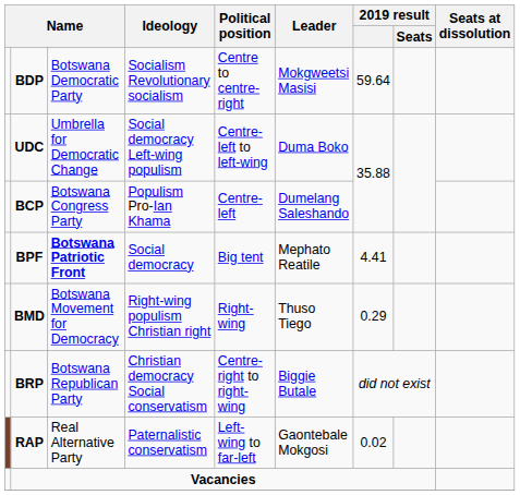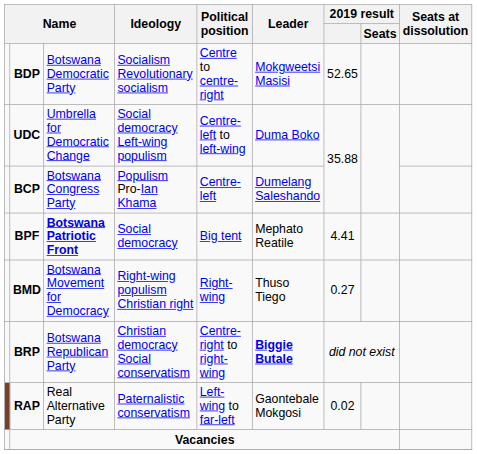 <table class="wikitable">
 <tr>
 <th colspan="4" rowspan="2">Name</th>
 <th rowspan="2">Ideology</th>
 <th rowspan="2">Political position</th>
 <th rowspan="2">Leader</th>
 <th colspan="2">2019 result</th>
 <th rowspan="2">Seats at dissolution</th>
 </tr>
 <tr>
 <th></th>
 <th>Seats</th>
 </tr>
 <tr>
 <td style="background:"></td>
 <td colspan="2" style="text-align:center;"><strong>BDP</strong></td>
 <td><a href='#'>Botswana Democratic Party</a></td>
 <td><a href='#'>Socialism</a><br><a href='#'>Revolutionary socialism</a></td>
 <td><a href='#'>Centre</a> to <a href='#'>centre-right</a></td>
 <td><a href='#'>Mokgweetsi Masisi</a></td>
-<td style="text-align:center;">59.64</td>
+<td style="text-align:center;">52.65</td>
 <td></td>
 <td></td>
 </tr>
 <tr>
 <td style="background:"></td>
 <td colspan="2" style="text-align:center;"><strong>UDC</strong></td>
 <td><a href='#'>Umbrella for Democratic Change</a></td>
 <td><a href='#'>Social democracy</a><br><a href='#'>Left-wing populism</a></td>
 <td><a href='#'>Centre-left</a> to <a href='#'>left-wing</a></td>
 <td><a href='#'>Duma Boko</a></td>
 <td rowspan="2" style="text-align:center;">35.88</td>
 <td rowspan="2"></td>
 <td></td>
 </tr>
 <tr>
 <td style="background:"></td>
 <td colspan="2" style="text-align:center;"><strong>BCP</strong></td>
 <td><a href='#'>Botswana Congress Party</a></td>
 <td><a href='#'>Populism</a><br>Pro-<a href='#'>Ian Khama</a></td>
 <td><a href='#'>Centre-left</a></td>
 <td><a href='#'>Dumelang Saleshando</a></td>
 <td></td>
 </tr>
 <tr>
 <td style="background:"></td>
 <td colspan="2" style="text-align:center;"><strong>BPF</strong></td>
 <td><strong><a href='#'>Botswana Patriotic Front</a></strong></td>
 <td><a href='#'>Social democracy</a></td>
 <td><a href='#'>Big tent</a></td>
 <td>Mephato Reatile</td>
 <td style="text-align:center;">4.41</td>
 <td></td>
 <td></td>
 </tr>
 <tr>
 <td style="background:"></td>
 <td colspan="2" style="text-align:center;"><strong>BMD</strong></td>
 <td><a href='#'>Botswana Movement for Democracy</a></td>
 <td><a href='#'>Right-wing populism</a><br><a href='#'>Christian right</a></td>
 <td><a href='#'>Right-wing</a></td>
 <td>Thuso Tiego</td>
-<td style="text-align:center;">0.29</td>
+<td style="text-align:center;">0.27</td>
 <td></td>
 <td></td>
 </tr>
 <tr>
 <td style="background:"></td>
 <td colspan="2" style="text-align:center;"><strong>BRP</strong></td>
 <td><a href='#'>Botswana Republican Party</a></td>
 <td><a href='#'>Christian democracy</a><br><a href='#'>Social conservatism</a></td>
 <td><a href='#'>Centre-right</a> to <a href='#'>right-wing</a></td>
-<td><a href='#'>Biggie Butale</a></td>
+<td><strong><a href='#'>Biggie Butale</a></strong></td>
 <td colspan="2" style="text-align:center;"><em>did not exist</em></td>
 <td></td>
 </tr>
 <tr>
 <td style="background:#76402b;"></td>
 <td colspan="2" style="text-align:center;"><strong>RAP</strong></td>
 <td>Real Alternative Party</td>
 <td><a href='#'>Paternalistic conservatism</a></td>
 <td><a href='#'>Left-wing</a> to <a href='#'>far-left</a></td>
 <td>Gaontebale Mokgosi</td>
 <td style="text-align:center;">0.02</td>
 <td></td>
 <td></td>
 </tr>
 <tr>
 <td style="background:"></td>
 <td colspan="8" style="text-align:center;"><strong>Vacancies</strong></td>
 <td></td>
 </tr>
 <tr>
 </tr>
 </table>
